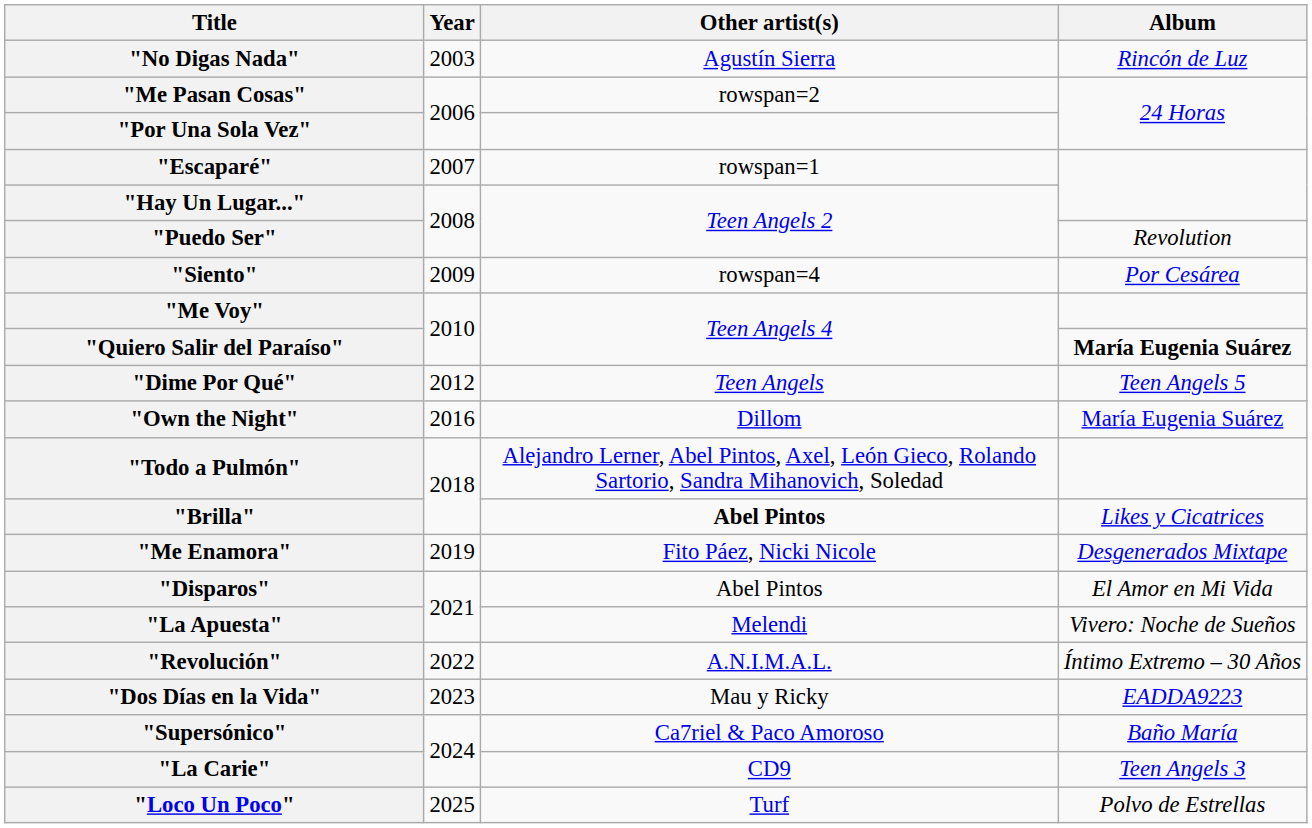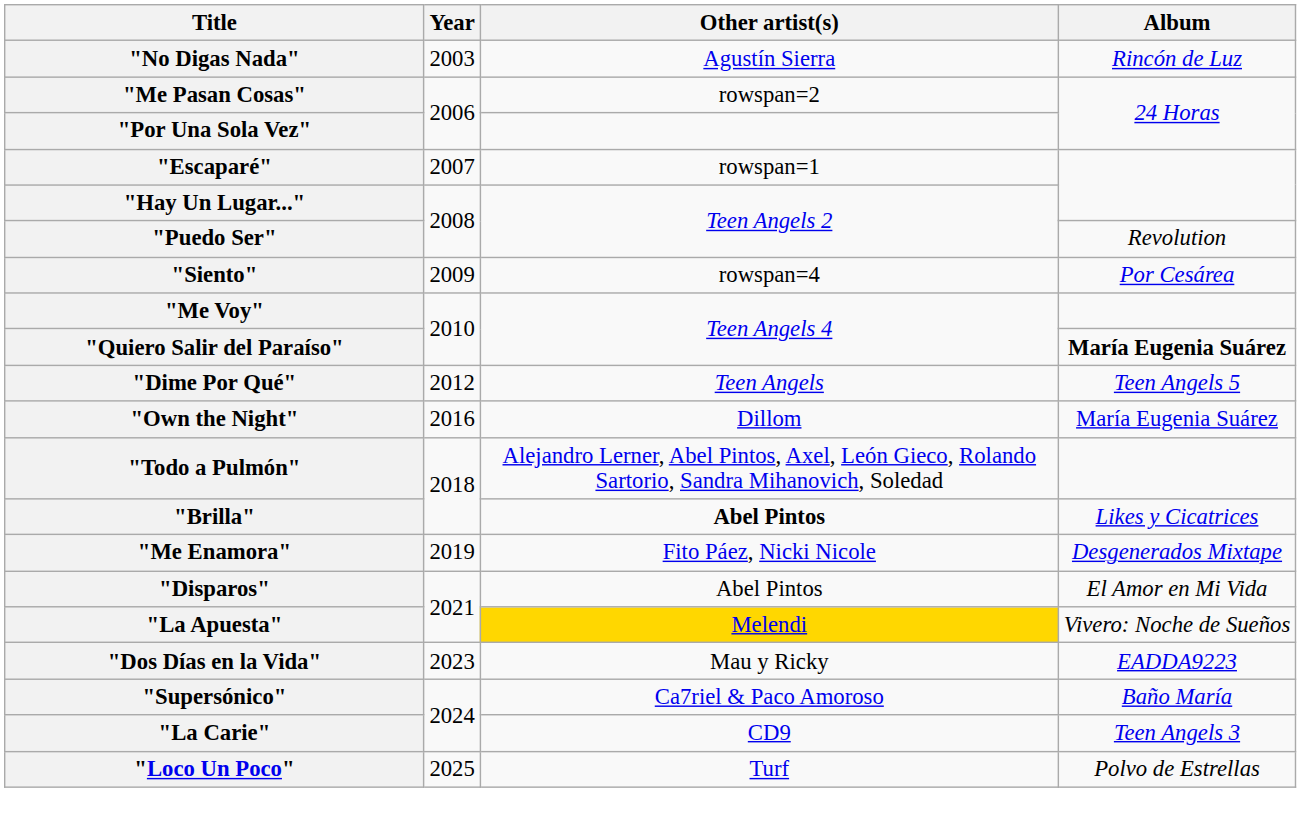 <table class="wikitable plainrowheaders" style="text-align:center;">
 <tr>
 <th scope="col" style="width:18em;">Title</th>
 <th scope="col">Year</th>
 <th scope="col" style="width:25em;">Other artist(s)</th>
 <th scope="col">Album</th>
 </tr>
 <tr>
 <th scope="row">"No Digas Nada"</th>
 <td rowspan="1">2003</td>
 <td><a href='#'>Agustín Sierra</a></td>
 <td><em><a href='#'>Rincón de Luz</a></em></td>
 </tr>
 <tr>
 <th scope="row">"Me Pasan Cosas"</th>
 <td rowspan="2">2006</td>
 <td>rowspan=2 </td>
 <td rowspan=2><em><a href='#'>24 Horas</a></em></td>
 </tr>
 <tr>
 <th scope="row">"Por Una Sola Vez"</th>
 </tr>
 <tr>
 <th scope="row">"Escaparé"</th>
 <td rowspan="1">2007</td>
 <td>rowspan=1 </td>
 </tr>
 <tr>
 <th scope="row">"Hay Un Lugar..."</th>
 <td rowspan="2">2008</td>
 <td rowspan="2"><em><a href='#'>Teen Angels 2</a></em></td>
 </tr>
 <tr>
 <th scope="row">"Puedo Ser"</th>
 <td><em>Revolution</em></td>
 </tr>
 <tr>
 <th scope="row">"Siento"</th>
 <td rowspan="1">2009</td>
 <td>rowspan=4 </td>
 <td><em><a href='#'>Por Cesárea</a></em></td>
 </tr>
 <tr>
 <th scope="row">"Me Voy"</th>
 <td rowspan="2">2010</td>
 <td rowspan="2"><em><a href='#'>Teen Angels 4</a></em></td>
 </tr>
 <tr>
 <th scope="row">"Quiero Salir del Paraíso"</th>
 <td><strong>María Eugenia Suárez</strong></td>
 </tr>
 <tr>
 <th scope="row">"Dime Por Qué"</th>
 <td rowspan="1">2012</td>
 <td rowspan="1"><em><a href='#'>Teen Angels</a></em></td>
 <td><em><a href='#'>Teen Angels 5</a></em></td>
 </tr>
 <tr>
 <th scope="row">"Own the Night"</th>
 <td>2016</td>
 <td><a href='#'>Dillom</a></td>
 <td><a href='#'>María Eugenia Suárez</a></td>
 </tr>
 <tr>
 <th scope="row">"Todo a Pulmón"</th>
 <td rowspan="2">2018</td>
 <td><a href='#'>Alejandro Lerner</a>, <a href='#'>Abel Pintos</a>, <a href='#'>Axel</a>, <a href='#'>León Gieco</a>, <a href='#'>Rolando Sartorio</a>, <a href='#'>Sandra Mihanovich</a>, Soledad</td>
 <td></td>
 </tr>
 <tr>
 <th scope="row">"Brilla"</th>
 <td><strong>Abel Pintos</strong></td>
 <td><em><a href='#'>Likes y Cicatrices</a></em></td>
 </tr>
 <tr>
 <th scope="row">"Me Enamora" </th>
 <td>2019</td>
 <td><a href='#'>Fito Páez</a>, <a href='#'>Nicki Nicole</a></td>
 <td><em><a href='#'>Desgenerados Mixtape</a></em></td>
 </tr>
 <tr>
 <th scope="row">"Disparos"</th>
 <td rowspan="2">2021</td>
 <td>Abel Pintos</td>
 <td><em>El Amor en Mi Vida</em></td>
 </tr>
 <tr>
 <th scope="row">"La Apuesta"</th>
-<td><a href='#'>Melendi</a></td>
+<td style="background: gold;"><a href='#'>Melendi</a></td>
 <td><em>Vivero: Noche de Sueños</em></td>
-</tr>
-<tr>
-<th scope="row">"Revolución"</th>
-<td>2022</td>
-<td><a href='#'>A.N.I.M.A.L.</a></td>
-<td><em>Íntimo Extremo – 30 Años</em></td>
 </tr>
 <tr>
 <th scope="row">"Dos Días en la Vida"</th>
 <td>2023</td>
 <td>Mau y Ricky</td>
 <td><em><a href='#'>EADDA9223</a></em></td>
 </tr>
 <tr>
 <th scope="row">"Supersónico"</th>
 <td rowspan="2">2024</td>
 <td><a href='#'>Ca7riel & Paco Amoroso</a></td>
 <td><em><a href='#'>Baño María</a></em></td>
 </tr>
 <tr>
 <th scope="row">"La Carie"</th>
 <td><a href='#'>CD9</a></td>
 <td rowspan="1"><em><a href='#'>Teen Angels 3</a></em></td>
 </tr>
 <tr>
 <th scope="row">"<a href='#'>Loco Un Poco</a>"</th>
 <td>2025</td>
 <td><a href='#'>Turf</a></td>
 <td><em>Polvo de Estrellas</em></td>
 </tr>
 </table>
